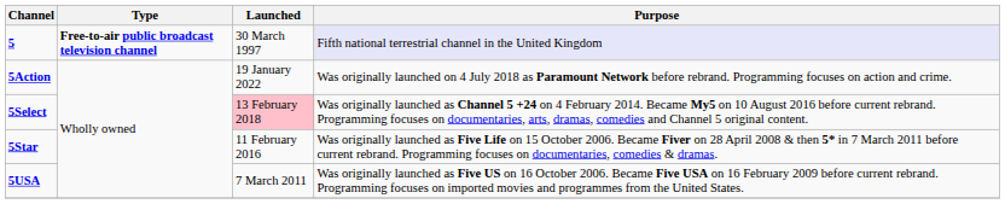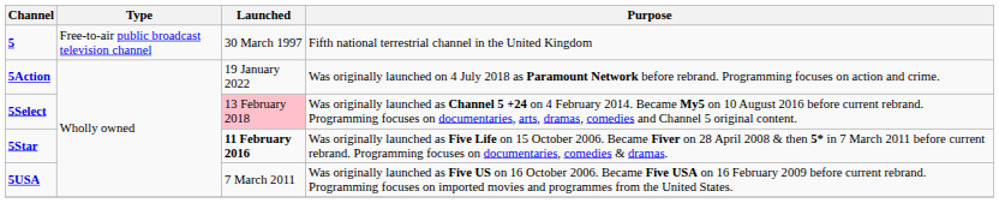 <table class="wikitable">
 <tr>
 <th>Channel</th>
 <th>Type</th>
 <th>Launched</th>
 <th>Purpose</th>
 </tr>
 <tr>
 <td><strong><a href='#'>5</a></strong></td>
-<td><strong>Free-to-air <a href='#'>public broadcast</a> <a href='#'>television channel</a></strong></td>
+<td>Free-to-air <a href='#'>public broadcast</a> <a href='#'>television channel</a></td>
 <td>30 March 1997</td>
-<td style="background: lavender;">Fifth national terrestrial channel in the United Kingdom</td>
+<td>Fifth national terrestrial channel in the United Kingdom</td>
 </tr>
 <tr>
 <td><strong><a href='#'>5Action</a></strong></td>
 <td rowspan="4">Wholly owned</td>
 <td>19 January 2022</td>
 <td>Was originally launched on 4 July 2018 as <strong>Paramount Network</strong> before rebrand. Programming focuses on action and crime.</td>
 </tr>
 <tr>
 <td><strong><a href='#'>5Select</a></strong></td>
 <td style="background: pink;">13 February 2018</td>
 <td>Was originally launched as <strong>Channel 5 +24</strong> on 4 February 2014. Became <strong>My5</strong> on 10 August 2016 before current rebrand. Programming focuses on <a href='#'>documentaries</a>, <a href='#'>arts</a>, <a href='#'>dramas</a>, <a href='#'>comedies</a> and Channel 5 original content.</td>
 </tr>
 <tr>
 <td><strong><a href='#'>5Star</a></strong></td>
-<td>11 February 2016</td>
+<td><strong>11 February 2016</strong></td>
 <td>Was originally launched as <strong>Five Life</strong> on 15 October 2006. Became <strong>Fiver</strong> on 28 April 2008 & then <strong>5*</strong> in 7 March 2011 before current rebrand. Programming focuses on <a href='#'>documentaries</a>, <a href='#'>comedies</a> & <a href='#'>dramas</a>.</td>
 </tr>
 <tr>
 <td><strong><a href='#'>5USA</a></strong></td>
 <td>7 March 2011</td>
 <td>Was originally launched as <strong>Five US</strong> on 16 October 2006. Became <strong>Five USA</strong> on 16 February 2009 before current rebrand. Programming focuses on imported movies and programmes from the United States.</td>
 </tr>
 <tr>
 </tr>
 </table>
